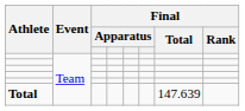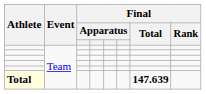 <table class="wikitable" style="font-size:90%">
 <tr>
 <th rowspan=3>Athlete</th>
 <th rowspan=3>Event</th>
 <th colspan=6>Final</th>
 </tr>
 <tr style="font-size:95%">
 <th colspan=4>Apparatus</th>
 <th rowspan=2>Total</th>
 <th rowspan=2>Rank</th>
 </tr>
 <tr style="font-size:95%">
 <th></th>
 <th></th>
 <th></th>
 <th></th>
 </tr>
 <tr align=center>
 <td align=left></td>
 <td style="text-align:left;" rowspan="6"><a href='#'>Team</a></td>
 <td></td>
 <td></td>
 <td></td>
 <td></td>
 <td></td>
 <td></td>
 </tr>
 <tr align=center>
 <td align=left></td>
 <td></td>
 <td></td>
 <td></td>
 <td></td>
 <td></td>
 <td></td>
 </tr>
 <tr align=center>
 <td align=left></td>
 <td></td>
 <td></td>
 <td></td>
 <td></td>
 <td></td>
 <td></td>
 </tr>
 <tr align=center>
 <td align=left></td>
 <td></td>
 <td></td>
 <td></td>
 <td></td>
 <td></td>
 <td></td>
 </tr>
 <tr align=center>
 <td align=left></td>
 <td></td>
 <td></td>
 <td></td>
 <td></td>
 <td></td>
 <td></td>
 </tr>
 <tr align=center>
-<td align=left><strong>Total</strong></td>
+<td align=left style="background: lightyellow;"><strong>Total</strong></td>
 <td></td>
 <td></td>
 <td></td>
 <td></td>
-<td>147.639</td>
+<td><strong>147.639</strong></td>
 <td></td>
 </tr>
 </table>
